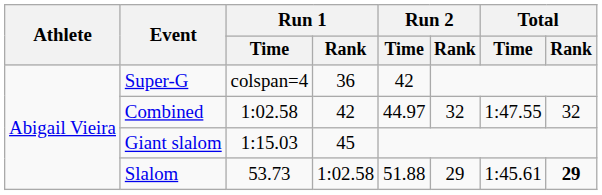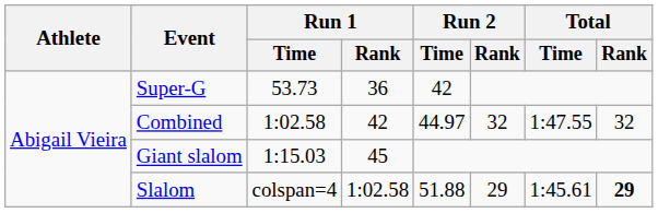 <table class="wikitable" style="font-size:90%">
 <tr>
 <th rowspan=2>Athlete</th>
 <th rowspan=2>Event</th>
 <th colspan=2>Run 1</th>
 <th colspan=2>Run 2</th>
 <th colspan=2>Total</th>
 </tr>
 <tr style="font-size:95%">
 <th>Time</th>
 <th>Rank</th>
 <th>Time</th>
 <th>Rank</th>
 <th>Time</th>
 <th>Rank</th>
 </tr>
 <tr align=center>
 <td align="left" rowspan="4"><a href='#'>Abigail Vieira</a></td>
 <td align="left"><a href='#'>Super-G</a></td>
-<td>colspan=4</td>
+<td>53.73</td>
 <td>36</td>
 <td>42</td>
 </tr>
 <tr align=center>
 <td align="left"><a href='#'>Combined</a></td>
 <td>1:02.58</td>
 <td>42</td>
 <td>44.97</td>
 <td>32</td>
 <td>1:47.55</td>
 <td>32</td>
 </tr>
 <tr align=center>
 <td align="left"><a href='#'>Giant slalom</a></td>
 <td>1:15.03</td>
 <td>45</td>
 <td colspan=4></td>
 </tr>
 <tr align=center>
 <td align="left"><a href='#'>Slalom</a></td>
-<td>53.73</td>
+<td>colspan=4</td>
 <td>1:02.58</td>
 <td>51.88</td>
 <td>29</td>
 <td>1:45.61</td>
 <td><strong>29</strong></td>
 </tr>
 </table>
